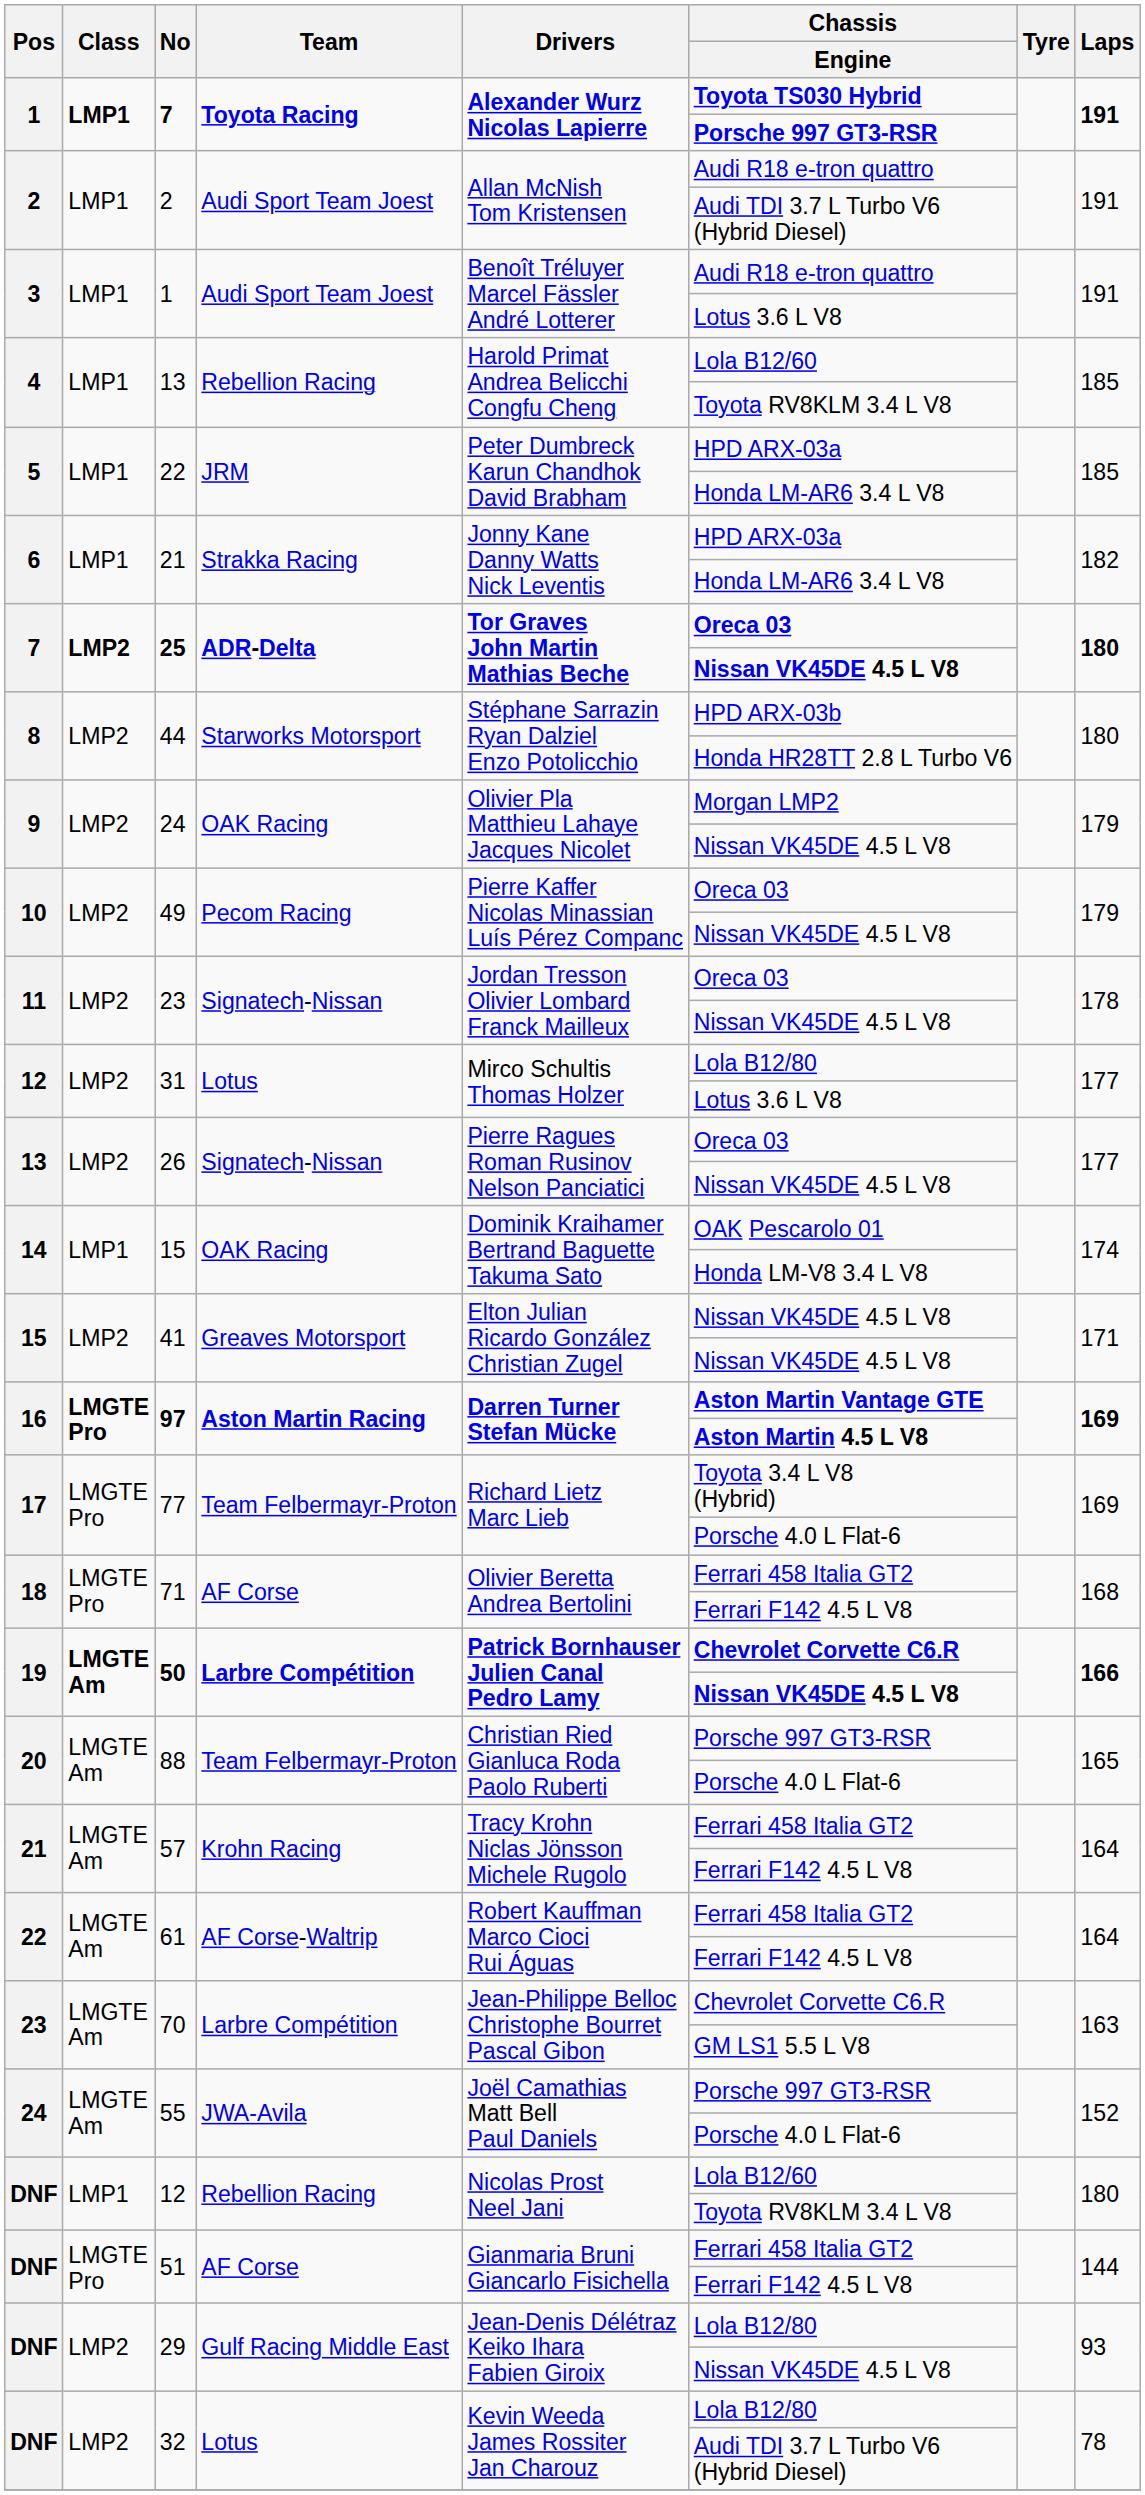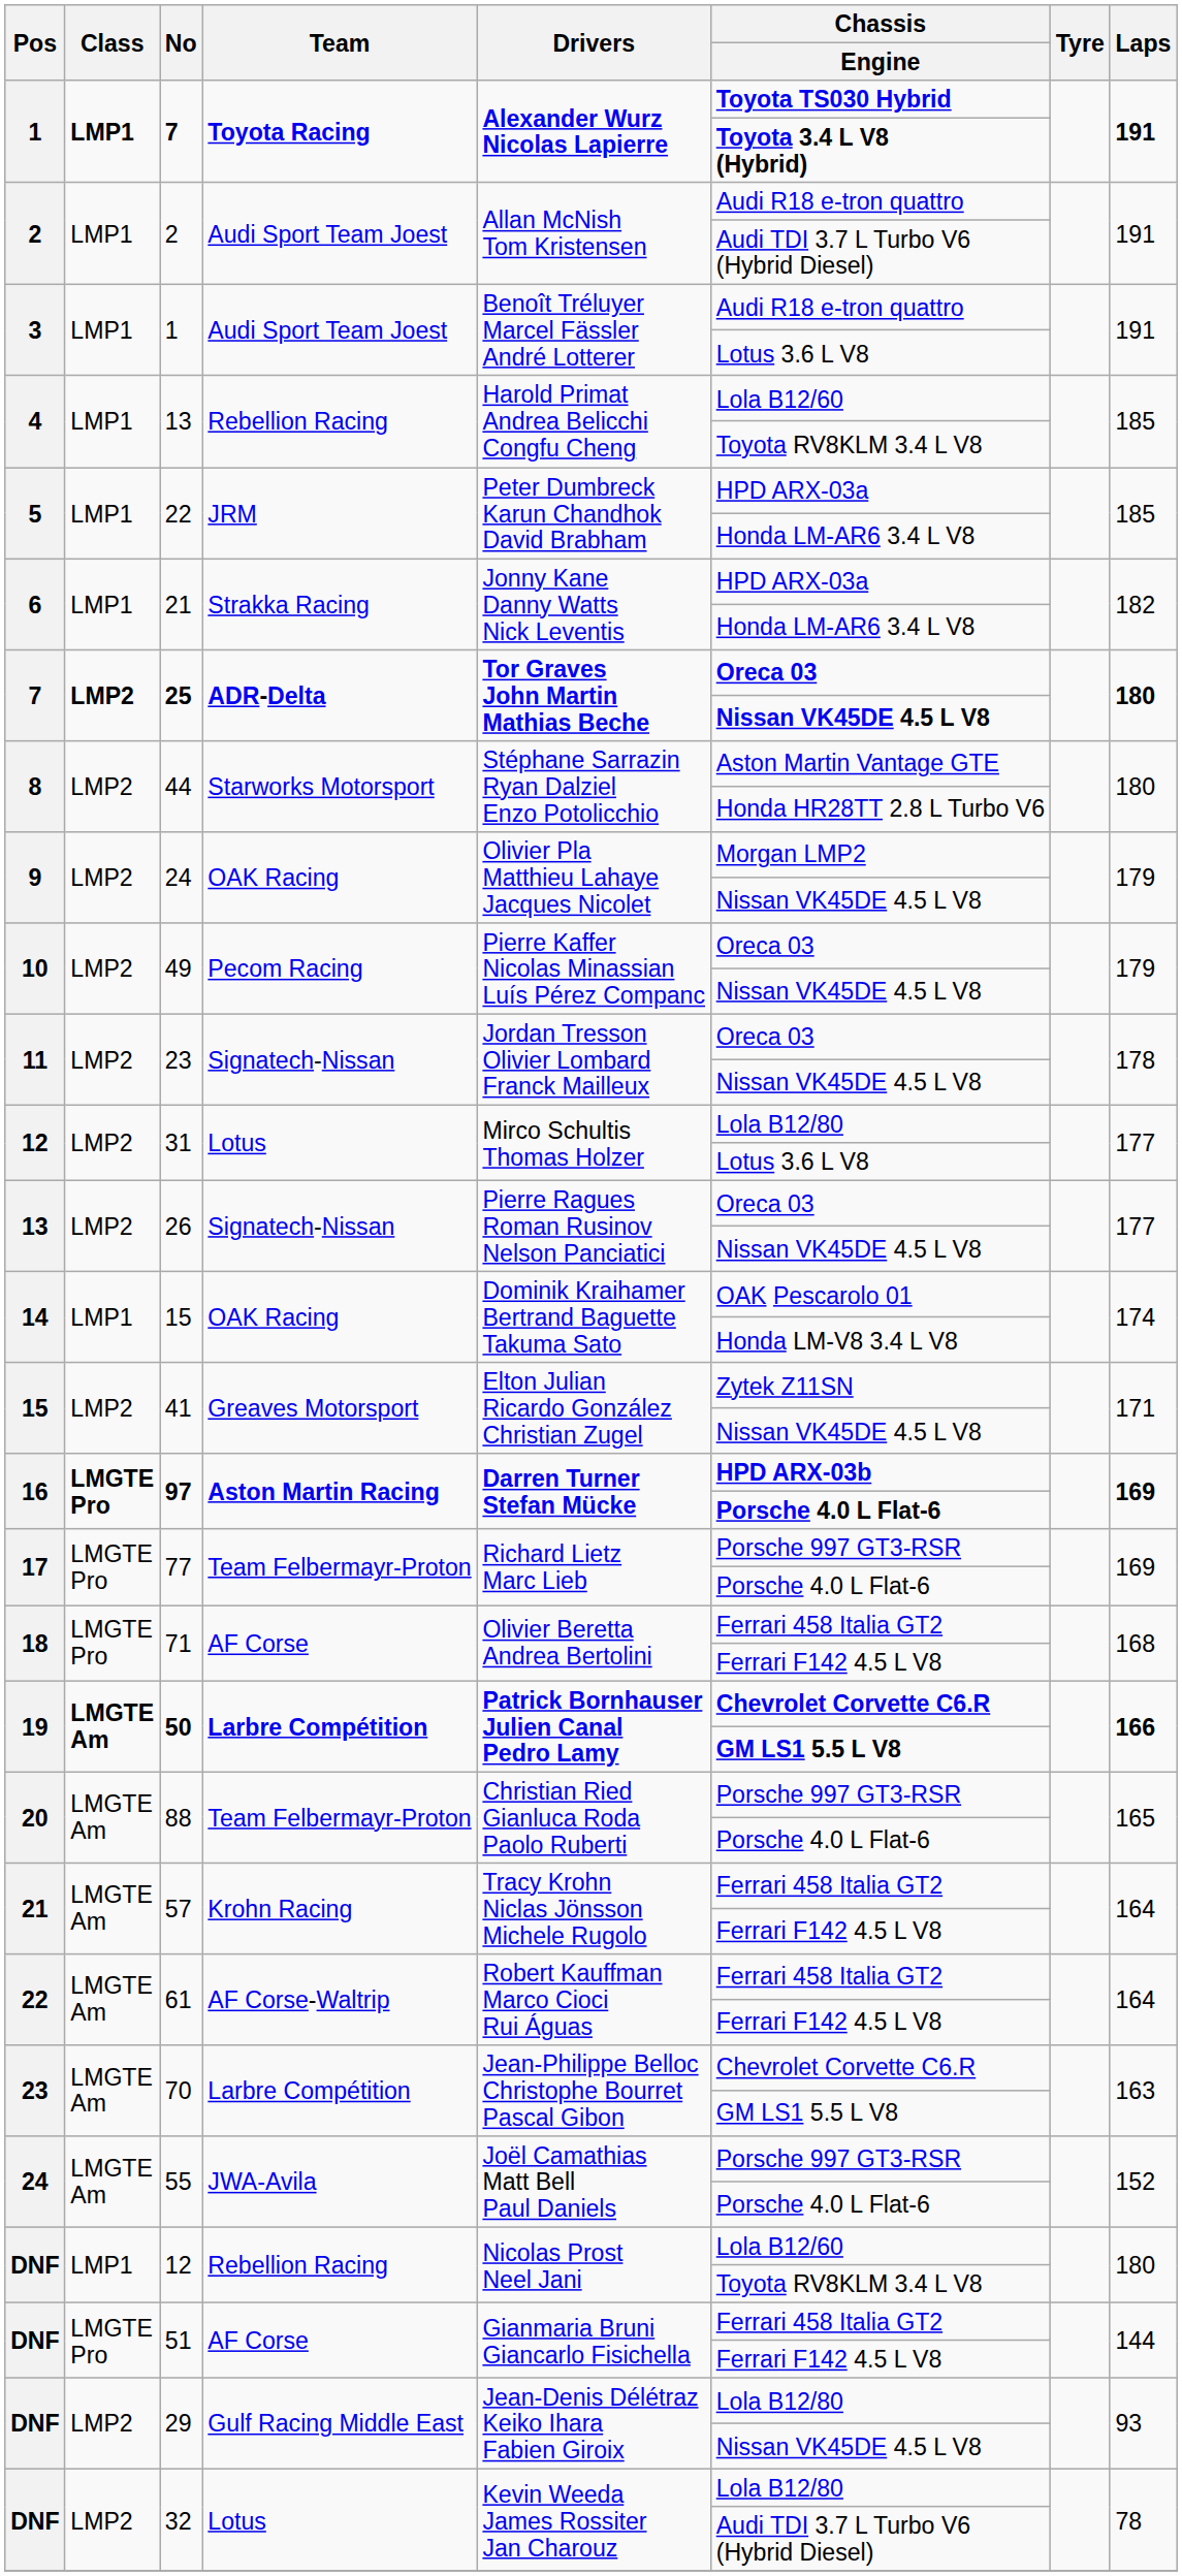 <table class="wikitable" style="font-size: 95%;">
 <tr>
 <th rowspan=2>Pos</th>
 <th rowspan=2>Class</th>
 <th rowspan=2>No</th>
 <th rowspan=2>Team</th>
 <th rowspan=2>Drivers</th>
 <th>Chassis</th>
 <th rowspan=2>Tyre</th>
 <th rowspan=2>Laps</th>
 </tr>
 <tr>
 <th>Engine</th>
 </tr>
 <tr style="font-weight:bold">
 <th rowspan=2>1</th>
 <td rowspan=2>LMP1</td>
 <td rowspan=2>7</td>
 <td rowspan=2> <a href='#'>Toyota Racing</a></td>
 <td rowspan=2> <a href='#'>Alexander Wurz</a><br> <a href='#'>Nicolas Lapierre</a></td>
 <td><a href='#'>Toyota TS030 Hybrid</a></td>
 <td rowspan=2></td>
 <td rowspan=2>191</td>
 </tr>
 <tr style="font-weight:bold">
-<td><a href='#'>Porsche 997 GT3-RSR</a></td>
+<td><a href='#'>Toyota</a> 3.4 L V8<br>(Hybrid)</td>
 </tr>
 <tr>
 <th rowspan=2>2</th>
 <td rowspan=2>LMP1</td>
 <td rowspan=2>2</td>
 <td rowspan=2> <a href='#'>Audi Sport Team Joest</a></td>
 <td rowspan=2> <a href='#'>Allan McNish</a><br> <a href='#'>Tom Kristensen</a></td>
 <td><a href='#'>Audi R18 e-tron quattro</a></td>
 <td rowspan=2></td>
 <td rowspan=2>191</td>
 </tr>
 <tr>
 <td><a href='#'>Audi TDI</a> 3.7 L Turbo V6<br>(Hybrid Diesel)</td>
 </tr>
 <tr>
 <th rowspan=2>3</th>
 <td rowspan=2>LMP1</td>
 <td rowspan=2>1</td>
 <td rowspan=2> <a href='#'>Audi Sport Team Joest</a></td>
 <td rowspan=2> <a href='#'>Benoît Tréluyer</a><br> <a href='#'>Marcel Fässler</a><br> <a href='#'>André Lotterer</a></td>
 <td><a href='#'>Audi R18 e-tron quattro</a></td>
 <td rowspan=2></td>
 <td rowspan=2>191</td>
 </tr>
 <tr>
 <td><a href='#'>Lotus</a> 3.6 L V8</td>
 </tr>
 <tr>
 <th rowspan=2>4</th>
 <td rowspan=2>LMP1</td>
 <td rowspan=2>13</td>
 <td rowspan=2> <a href='#'>Rebellion Racing</a></td>
 <td rowspan=2> <a href='#'>Harold Primat</a><br> <a href='#'>Andrea Belicchi</a><br> <a href='#'>Congfu Cheng</a></td>
 <td><a href='#'>Lola B12/60</a></td>
 <td rowspan=2></td>
 <td rowspan=2>185</td>
 </tr>
 <tr>
 <td><a href='#'>Toyota</a> RV8KLM 3.4 L V8</td>
 </tr>
 <tr>
 <th rowspan=2>5</th>
 <td rowspan=2>LMP1</td>
 <td rowspan=2>22</td>
 <td rowspan=2> <a href='#'>JRM</a></td>
 <td rowspan=2> <a href='#'>Peter Dumbreck</a><br> <a href='#'>Karun Chandhok</a><br> <a href='#'>David Brabham</a></td>
 <td><a href='#'>HPD ARX-03a</a></td>
 <td rowspan=2></td>
 <td rowspan=2>185</td>
 </tr>
 <tr>
 <td><a href='#'>Honda LM-AR6</a> 3.4 L V8</td>
 </tr>
 <tr>
 <th rowspan=2>6</th>
 <td rowspan=2>LMP1</td>
 <td rowspan=2>21</td>
 <td rowspan=2> <a href='#'>Strakka Racing</a></td>
 <td rowspan=2> <a href='#'>Jonny Kane</a><br> <a href='#'>Danny Watts</a><br> <a href='#'>Nick Leventis</a></td>
 <td><a href='#'>HPD ARX-03a</a></td>
 <td rowspan=2></td>
 <td rowspan=2>182</td>
 </tr>
 <tr>
 <td><a href='#'>Honda LM-AR6</a> 3.4 L V8</td>
 </tr>
 <tr style="font-weight:bold">
 <th rowspan=2>7</th>
 <td rowspan=2>LMP2</td>
 <td rowspan=2>25</td>
 <td rowspan=2> <a href='#'>ADR</a>-<a href='#'>Delta</a></td>
 <td rowspan=2> <a href='#'>Tor Graves</a><br> <a href='#'>John Martin</a><br> <a href='#'>Mathias Beche</a></td>
 <td><a href='#'>Oreca 03</a></td>
 <td rowspan=2></td>
 <td rowspan=2>180</td>
 </tr>
 <tr style="font-weight:bold">
 <td><a href='#'>Nissan VK45DE</a> 4.5 L V8</td>
 </tr>
 <tr>
 <th rowspan=2>8</th>
 <td rowspan=2>LMP2</td>
 <td rowspan=2>44</td>
 <td rowspan=2> <a href='#'>Starworks Motorsport</a></td>
 <td rowspan=2> <a href='#'>Stéphane Sarrazin</a><br> <a href='#'>Ryan Dalziel</a><br> <a href='#'>Enzo Potolicchio</a></td>
-<td><a href='#'>HPD ARX-03b</a></td>
+<td><a href='#'>Aston Martin Vantage GTE</a></td>
 <td rowspan=2></td>
 <td rowspan=2>180</td>
 </tr>
 <tr>
 <td><a href='#'>Honda HR28TT</a> 2.8 L Turbo V6</td>
 </tr>
 <tr>
 <th rowspan=2>9</th>
 <td rowspan=2>LMP2</td>
 <td rowspan=2>24</td>
 <td rowspan=2> <a href='#'>OAK Racing</a></td>
 <td rowspan=2> <a href='#'>Olivier Pla</a><br> <a href='#'>Matthieu Lahaye</a><br> <a href='#'>Jacques Nicolet</a></td>
 <td><a href='#'>Morgan LMP2</a></td>
 <td rowspan=2></td>
 <td rowspan=2>179</td>
 </tr>
 <tr>
 <td><a href='#'>Nissan VK45DE</a> 4.5 L V8</td>
 </tr>
 <tr>
 <th rowspan=2>10</th>
 <td rowspan=2>LMP2</td>
 <td rowspan=2>49</td>
 <td rowspan=2> <a href='#'>Pecom Racing</a></td>
 <td rowspan=2> <a href='#'>Pierre Kaffer</a><br> <a href='#'>Nicolas Minassian</a><br> <a href='#'>Luís Pérez Companc</a></td>
 <td><a href='#'>Oreca 03</a></td>
 <td rowspan=2></td>
 <td rowspan=2>179</td>
 </tr>
 <tr>
 <td><a href='#'>Nissan VK45DE</a> 4.5 L V8</td>
 </tr>
 <tr>
 <th rowspan=2>11</th>
 <td rowspan=2>LMP2</td>
 <td rowspan=2>23</td>
 <td rowspan=2> <a href='#'>Signatech</a>-<a href='#'>Nissan</a></td>
 <td rowspan=2> <a href='#'>Jordan Tresson</a><br> <a href='#'>Olivier Lombard</a><br> <a href='#'>Franck Mailleux</a></td>
 <td><a href='#'>Oreca 03</a></td>
 <td rowspan=2></td>
 <td rowspan=2>178</td>
 </tr>
 <tr>
 <td><a href='#'>Nissan VK45DE</a> 4.5 L V8</td>
 </tr>
 <tr>
 <th rowspan=2>12</th>
 <td rowspan=2>LMP2</td>
 <td rowspan=2>31</td>
 <td rowspan=2> <a href='#'>Lotus</a></td>
 <td rowspan=2> Mirco Schultis<br> <a href='#'>Thomas Holzer</a></td>
 <td><a href='#'>Lola B12/80</a></td>
 <td rowspan=2></td>
 <td rowspan=2>177</td>
 </tr>
 <tr>
 <td><a href='#'>Lotus</a> 3.6 L V8</td>
 </tr>
 <tr>
 <th rowspan=2>13</th>
 <td rowspan=2>LMP2</td>
 <td rowspan=2>26</td>
 <td rowspan=2> <a href='#'>Signatech</a>-<a href='#'>Nissan</a></td>
 <td rowspan=2> <a href='#'>Pierre Ragues</a><br> <a href='#'>Roman Rusinov</a><br> <a href='#'>Nelson Panciatici</a></td>
 <td><a href='#'>Oreca 03</a></td>
 <td rowspan=2></td>
 <td rowspan=2>177</td>
 </tr>
 <tr>
 <td><a href='#'>Nissan VK45DE</a> 4.5 L V8</td>
 </tr>
 <tr>
 <th rowspan=2>14</th>
 <td rowspan=2>LMP1</td>
 <td rowspan=2>15</td>
 <td rowspan=2> <a href='#'>OAK Racing</a></td>
 <td rowspan=2> <a href='#'>Dominik Kraihamer</a><br> <a href='#'>Bertrand Baguette</a><br> <a href='#'>Takuma Sato</a></td>
 <td><a href='#'>OAK</a> <a href='#'>Pescarolo 01</a></td>
 <td rowspan=2></td>
 <td rowspan=2>174</td>
 </tr>
 <tr>
 <td><a href='#'>Honda</a> LM-V8 3.4 L V8</td>
 </tr>
 <tr>
 <th rowspan=2>15</th>
 <td rowspan=2>LMP2</td>
 <td rowspan=2>41</td>
 <td rowspan=2> <a href='#'>Greaves Motorsport</a></td>
 <td rowspan=2> <a href='#'>Elton Julian</a><br> <a href='#'>Ricardo González</a><br> <a href='#'>Christian Zugel</a></td>
-<td><a href='#'>Nissan VK45DE</a> 4.5 L V8</td>
+<td><a href='#'>Zytek Z11SN</a></td>
 <td rowspan=2></td>
 <td rowspan=2>171</td>
 </tr>
 <tr>
 <td><a href='#'>Nissan VK45DE</a> 4.5 L V8</td>
 </tr>
 <tr style="font-weight:bold">
 <th rowspan=2>16</th>
 <td rowspan=2>LMGTE<br>Pro</td>
 <td rowspan=2>97</td>
 <td rowspan=2> <a href='#'>Aston Martin Racing</a></td>
 <td rowspan=2> <a href='#'>Darren Turner</a><br> <a href='#'>Stefan Mücke</a></td>
-<td><a href='#'>Aston Martin Vantage GTE</a></td>
+<td><a href='#'>HPD ARX-03b</a></td>
 <td rowspan=2></td>
 <td rowspan=2>169</td>
 </tr>
 <tr style="font-weight:bold">
-<td><a href='#'>Aston Martin</a> 4.5 L V8</td>
+<td><a href='#'>Porsche</a> 4.0 L Flat-6</td>
 </tr>
 <tr>
 <th rowspan=2>17</th>
 <td rowspan=2>LMGTE<br>Pro</td>
 <td rowspan=2>77</td>
 <td rowspan=2> <a href='#'>Team Felbermayr-Proton</a></td>
 <td rowspan=2> <a href='#'>Richard Lietz</a><br> <a href='#'>Marc Lieb</a></td>
-<td><a href='#'>Toyota</a> 3.4 L V8<br>(Hybrid)</td>
+<td><a href='#'>Porsche 997 GT3-RSR</a></td>
 <td rowspan=2></td>
 <td rowspan=2>169</td>
 </tr>
 <tr>
 <td><a href='#'>Porsche</a> 4.0 L Flat-6</td>
 </tr>
 <tr>
 <th rowspan=2>18</th>
 <td rowspan=2>LMGTE<br>Pro</td>
 <td rowspan=2>71</td>
 <td rowspan=2> <a href='#'>AF Corse</a></td>
 <td rowspan=2> <a href='#'>Olivier Beretta</a><br> <a href='#'>Andrea Bertolini</a></td>
 <td><a href='#'>Ferrari 458 Italia GT2</a></td>
 <td rowspan=2></td>
 <td rowspan=2>168</td>
 </tr>
 <tr>
 <td><a href='#'>Ferrari F142</a> 4.5 L V8</td>
 </tr>
 <tr style="font-weight:bold">
 <th rowspan=2>19</th>
 <td rowspan=2>LMGTE<br>Am</td>
 <td rowspan=2>50</td>
 <td rowspan=2> <a href='#'>Larbre Compétition</a></td>
 <td rowspan=2> <a href='#'>Patrick Bornhauser</a><br> <a href='#'>Julien Canal</a><br> <a href='#'>Pedro Lamy</a></td>
 <td><a href='#'>Chevrolet Corvette C6.R</a></td>
 <td rowspan=2></td>
 <td rowspan=2>166</td>
 </tr>
 <tr style="font-weight:bold">
-<td><a href='#'>Nissan VK45DE</a> 4.5 L V8</td>
+<td><a href='#'>GM LS1</a> 5.5 L V8</td>
 </tr>
 <tr>
 <th rowspan=2>20</th>
 <td rowspan=2>LMGTE<br>Am</td>
 <td rowspan=2>88</td>
 <td rowspan=2> <a href='#'>Team Felbermayr-Proton</a></td>
 <td rowspan=2> <a href='#'>Christian Ried</a><br> <a href='#'>Gianluca Roda</a><br> <a href='#'>Paolo Ruberti</a></td>
 <td><a href='#'>Porsche 997 GT3-RSR</a></td>
 <td rowspan=2></td>
 <td rowspan=2>165</td>
 </tr>
 <tr>
 <td><a href='#'>Porsche</a> 4.0 L Flat-6</td>
 </tr>
 <tr>
 <th rowspan=2>21</th>
 <td rowspan=2>LMGTE<br>Am</td>
 <td rowspan=2>57</td>
 <td rowspan=2> <a href='#'>Krohn Racing</a></td>
 <td rowspan=2> <a href='#'>Tracy Krohn</a><br> <a href='#'>Niclas Jönsson</a><br> <a href='#'>Michele Rugolo</a></td>
 <td><a href='#'>Ferrari 458 Italia GT2</a></td>
 <td rowspan=2></td>
 <td rowspan=2>164</td>
 </tr>
 <tr>
 <td><a href='#'>Ferrari F142</a> 4.5 L V8</td>
 </tr>
 <tr>
 <th rowspan=2>22</th>
 <td rowspan=2>LMGTE<br>Am</td>
 <td rowspan=2>61</td>
 <td rowspan=2> <a href='#'>AF Corse</a>-<a href='#'>Waltrip</a></td>
 <td rowspan=2> <a href='#'>Robert Kauffman</a><br> <a href='#'>Marco Cioci</a> <br> <a href='#'>Rui Águas</a></td>
 <td><a href='#'>Ferrari 458 Italia GT2</a></td>
 <td rowspan=2></td>
 <td rowspan=2>164</td>
 </tr>
 <tr>
 <td><a href='#'>Ferrari F142</a> 4.5 L V8</td>
 </tr>
 <tr>
 <th rowspan=2>23</th>
 <td rowspan=2>LMGTE<br>Am</td>
 <td rowspan=2>70</td>
 <td rowspan=2> <a href='#'>Larbre Compétition</a></td>
 <td rowspan=2> <a href='#'>Jean-Philippe Belloc</a><br> <a href='#'>Christophe Bourret</a><br> <a href='#'>Pascal Gibon</a></td>
 <td><a href='#'>Chevrolet Corvette C6.R</a></td>
 <td rowspan=2></td>
 <td rowspan=2>163</td>
 </tr>
 <tr>
 <td><a href='#'>GM LS1</a> 5.5 L V8</td>
 </tr>
 <tr>
 <th rowspan=2>24</th>
 <td rowspan=2>LMGTE<br>Am</td>
 <td rowspan=2>55</td>
 <td rowspan=2> <a href='#'>JWA-Avila</a></td>
 <td rowspan=2> <a href='#'>Joël Camathias</a><br> Matt Bell<br> <a href='#'>Paul Daniels</a></td>
 <td><a href='#'>Porsche 997 GT3-RSR</a></td>
 <td rowspan=2></td>
 <td rowspan=2>152</td>
 </tr>
 <tr>
 <td><a href='#'>Porsche</a> 4.0 L Flat-6</td>
 </tr>
 <tr>
 <th rowspan=2>DNF</th>
 <td rowspan=2>LMP1</td>
 <td rowspan=2>12</td>
 <td rowspan=2> <a href='#'>Rebellion Racing</a></td>
 <td rowspan=2> <a href='#'>Nicolas Prost</a><br> <a href='#'>Neel Jani</a></td>
 <td><a href='#'>Lola B12/60</a></td>
 <td rowspan=2></td>
 <td rowspan=2>180</td>
 </tr>
 <tr>
 <td><a href='#'>Toyota</a> RV8KLM 3.4 L V8</td>
 </tr>
 <tr>
 <th rowspan=2>DNF</th>
 <td rowspan=2>LMGTE<br>Pro</td>
 <td rowspan=2>51</td>
 <td rowspan=2> <a href='#'>AF Corse</a></td>
 <td rowspan=2> <a href='#'>Gianmaria Bruni</a><br> <a href='#'>Giancarlo Fisichella</a></td>
 <td><a href='#'>Ferrari 458 Italia GT2</a></td>
 <td rowspan=2></td>
 <td rowspan=2>144</td>
 </tr>
 <tr>
 <td><a href='#'>Ferrari F142</a> 4.5 L V8</td>
 </tr>
 <tr>
 <th rowspan=2>DNF</th>
 <td rowspan=2>LMP2</td>
 <td rowspan=2>29</td>
 <td rowspan=2> <a href='#'>Gulf Racing Middle East</a></td>
 <td rowspan=2> <a href='#'>Jean-Denis Délétraz</a><br> <a href='#'>Keiko Ihara</a><br> <a href='#'>Fabien Giroix</a></td>
 <td><a href='#'>Lola B12/80</a></td>
 <td rowspan=2></td>
 <td rowspan=2>93</td>
 </tr>
 <tr>
 <td><a href='#'>Nissan VK45DE</a> 4.5 L V8</td>
 </tr>
 <tr>
 <th rowspan=2>DNF</th>
 <td rowspan=2>LMP2</td>
 <td rowspan=2>32</td>
 <td rowspan=2> <a href='#'>Lotus</a></td>
 <td rowspan=2> <a href='#'>Kevin Weeda</a><br> <a href='#'>James Rossiter</a><br> <a href='#'>Jan Charouz</a></td>
 <td><a href='#'>Lola B12/80</a></td>
 <td rowspan=2></td>
 <td rowspan=2>78</td>
 </tr>
 <tr>
 <td><a href='#'>Audi TDI</a> 3.7 L Turbo V6<br>(Hybrid Diesel)</td>
 </tr>
 <tr>
 </tr>
 </table>
